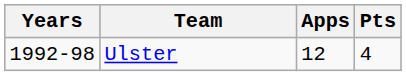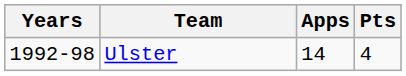 <table class="wikitable" style="text-align:left;">
 <tr>
 <th>Years</th>
 <th width=120px>Team</th>
 <th>Apps</th>
 <th>Pts</th>
 </tr>
 <tr>
 <td>1992-98</td>
 <td><a href='#'>Ulster</a></td>
-<td>12</td>
+<td>14</td>
 <td>4</td>
 </tr>
 </table>
